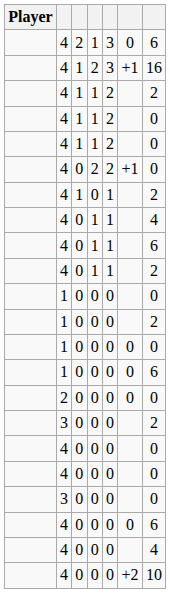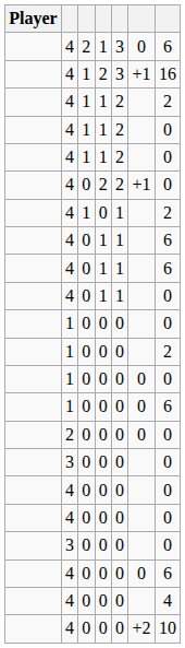 <table class="wikitable sortable" style="text-align:center;">
 <tr>
 <th>Player</th>
 <th></th>
 <th></th>
 <th></th>
 <th></th>
 <th data-sort-type="number"></th>
 <th></th>
 </tr>
 <tr>
 <td></td>
 <td>4</td>
 <td>2</td>
 <td>1</td>
 <td>3</td>
 <td>0</td>
 <td>6</td>
 </tr>
 <tr>
 <td></td>
 <td>4</td>
 <td>1</td>
 <td>2</td>
 <td>3</td>
 <td>+1</td>
 <td>16</td>
 </tr>
 <tr>
 <td></td>
 <td>4</td>
 <td>1</td>
 <td>1</td>
 <td>2</td>
 <td></td>
 <td>2</td>
 </tr>
 <tr>
 <td></td>
 <td>4</td>
 <td>1</td>
 <td>1</td>
 <td>2</td>
 <td></td>
 <td>0</td>
 </tr>
 <tr>
 <td></td>
 <td>4</td>
 <td>1</td>
 <td>1</td>
 <td>2</td>
 <td></td>
 <td>0</td>
 </tr>
 <tr>
 <td></td>
 <td>4</td>
 <td>0</td>
 <td>2</td>
 <td>2</td>
 <td>+1</td>
 <td>0</td>
 </tr>
 <tr>
 <td></td>
 <td>4</td>
 <td>1</td>
 <td>0</td>
 <td>1</td>
 <td></td>
 <td>2</td>
 </tr>
 <tr>
 <td></td>
 <td>4</td>
 <td>0</td>
 <td>1</td>
 <td>1</td>
 <td></td>
-<td>4</td>
+<td>6</td>
 </tr>
 <tr>
 <td></td>
 <td>4</td>
 <td>0</td>
 <td>1</td>
 <td>1</td>
 <td></td>
 <td>6</td>
 </tr>
 <tr>
 <td></td>
 <td>4</td>
 <td>0</td>
 <td>1</td>
 <td>1</td>
 <td></td>
-<td>2</td>
+<td>0</td>
 </tr>
 <tr>
 <td></td>
 <td>1</td>
 <td>0</td>
 <td>0</td>
 <td>0</td>
 <td></td>
 <td>0</td>
 </tr>
 <tr>
 <td></td>
 <td>1</td>
 <td>0</td>
 <td>0</td>
 <td>0</td>
 <td></td>
 <td>2</td>
 </tr>
 <tr>
 <td></td>
 <td>1</td>
 <td>0</td>
 <td>0</td>
 <td>0</td>
 <td>0</td>
 <td>0</td>
 </tr>
 <tr>
 <td></td>
 <td>1</td>
 <td>0</td>
 <td>0</td>
 <td>0</td>
 <td>0</td>
 <td>6</td>
 </tr>
 <tr>
 <td></td>
 <td>2</td>
 <td>0</td>
 <td>0</td>
 <td>0</td>
 <td>0</td>
 <td>0</td>
 </tr>
 <tr>
 <td></td>
 <td>3</td>
 <td>0</td>
 <td>0</td>
 <td>0</td>
 <td></td>
-<td>2</td>
+<td>0</td>
 </tr>
 <tr>
 <td></td>
 <td>4</td>
 <td>0</td>
 <td>0</td>
 <td>0</td>
 <td></td>
 <td>0</td>
 </tr>
 <tr>
 <td></td>
 <td>4</td>
 <td>0</td>
 <td>0</td>
 <td>0</td>
 <td></td>
 <td>0</td>
 </tr>
 <tr>
 <td></td>
 <td>3</td>
 <td>0</td>
 <td>0</td>
 <td>0</td>
 <td></td>
 <td>0</td>
 </tr>
 <tr>
 <td></td>
 <td>4</td>
 <td>0</td>
 <td>0</td>
 <td>0</td>
 <td>0</td>
 <td>6</td>
 </tr>
 <tr>
 <td></td>
 <td>4</td>
 <td>0</td>
 <td>0</td>
 <td>0</td>
 <td></td>
 <td>4</td>
 </tr>
 <tr>
 <td></td>
 <td>4</td>
 <td>0</td>
 <td>0</td>
 <td>0</td>
 <td>+2</td>
 <td>10</td>
 </tr>
 </table>
